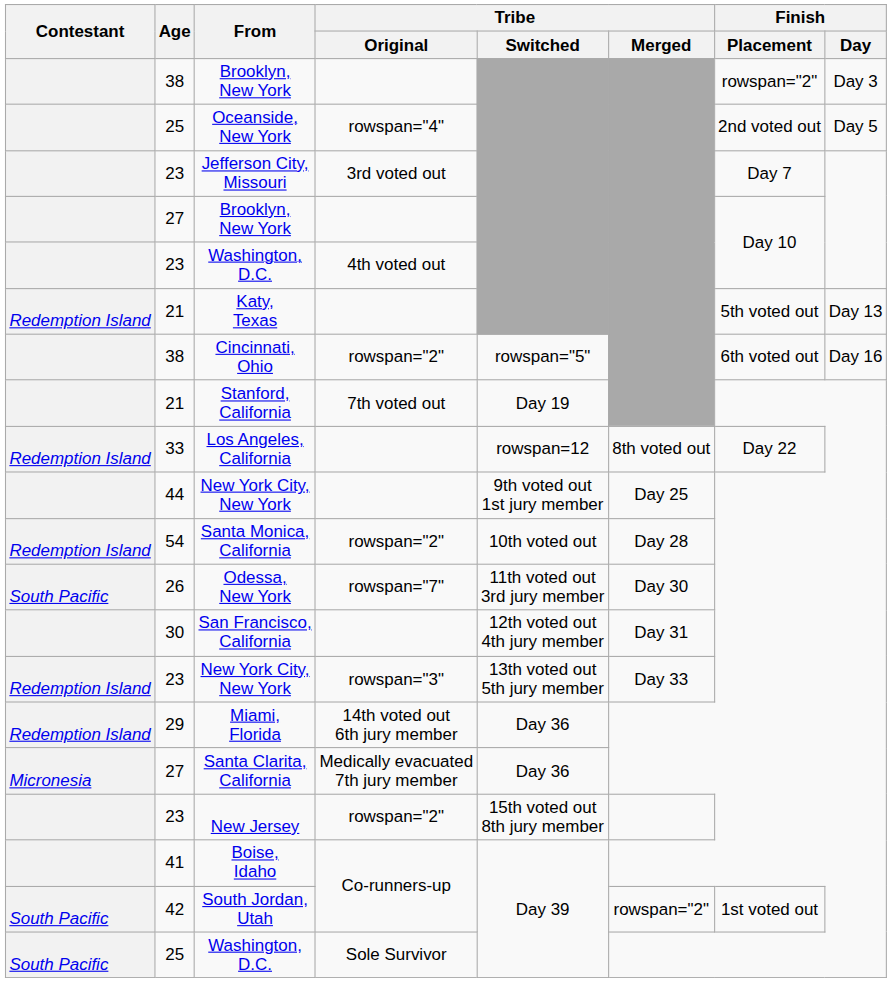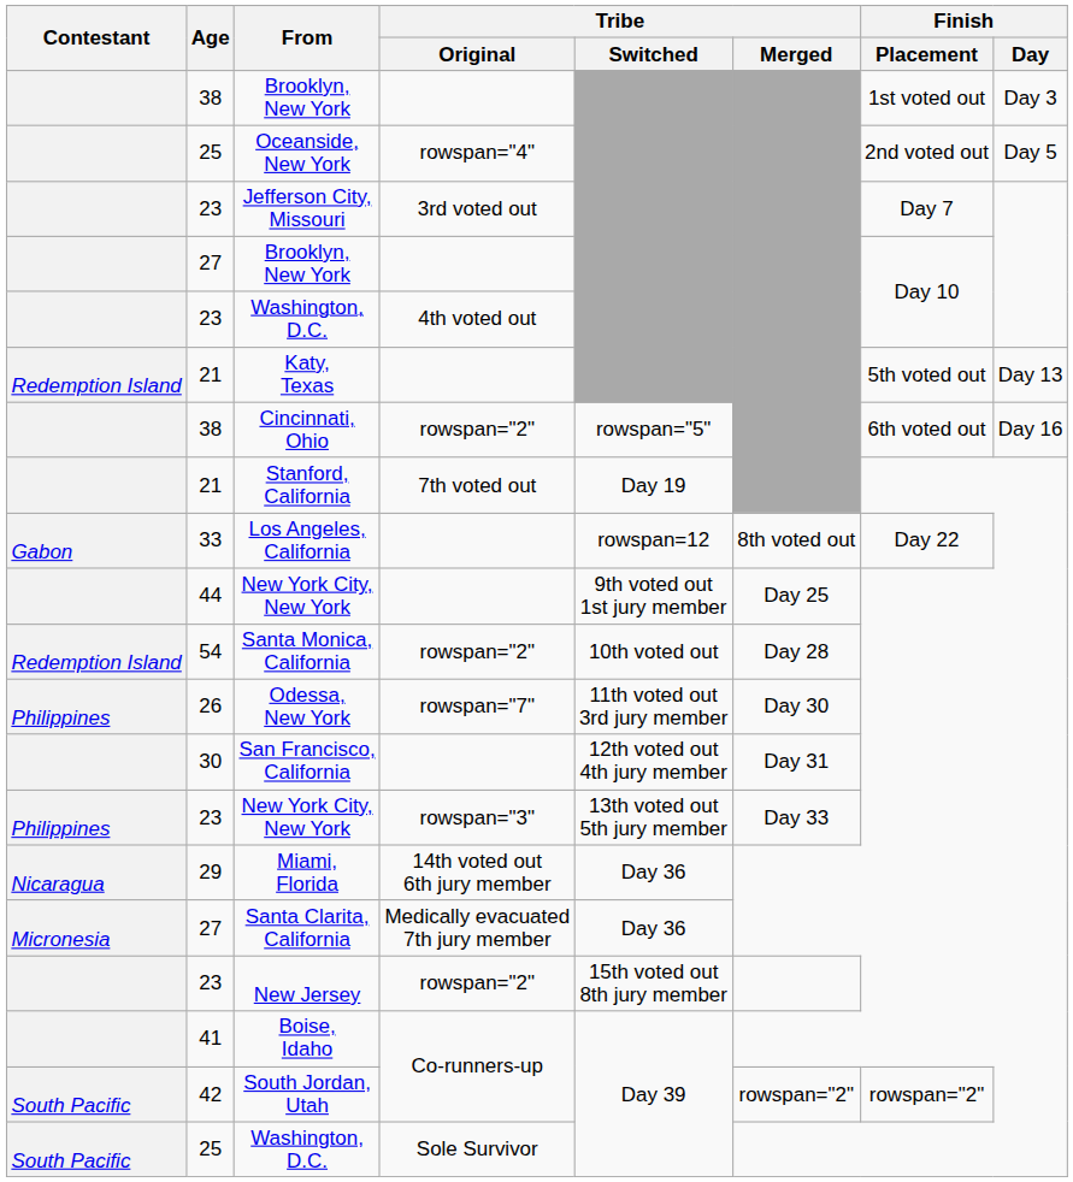 <table class="wikitable sortable" style="margin:auto; text-align:center">
 <tr>
 <th rowspan="2" scope="col">Contestant</th>
 <th rowspan="2" scope="col">Age</th>
 <th rowspan="2" scope="col" class=unsortable>From</th>
 <th colspan="3" scope="colgroup">Tribe</th>
 <th colspan="2" scope="colgroup">Finish</th>
 </tr>
 <tr>
 <th scope="col">Original</th>
 <th scope="col">Switched</th>
 <th scope="col" class=unsortable>Merged</th>
 <th scope="col" class=unsortable>Placement</th>
 <th scope="col" class=unsortable>Day</th>
 </tr>
 <tr>
 <th scope="row" style="text-align:left;font-weight:normal"><strong></strong><br><em><a href='#'></a></em></th>
 <td>38</td>
 <td><a href='#'>Brooklyn,<br>New York</a></td>
 <td></td>
 <td style="background:darkgrey;" rowspan="6"></td>
 <td style="background:darkgrey;" rowspan="8"></td>
-<td>rowspan="2" </td>
+<td>1st voted out</td>
 <td>Day 3</td>
 </tr>
 <tr>
 <th scope="row" style="text-align:left;font-weight:normal"><strong></strong></th>
 <td>25</td>
 <td><a href='#'>Oceanside,<br>New York</a></td>
 <td>rowspan="4" </td>
 <td>2nd voted out</td>
 <td>Day 5</td>
 </tr>
 <tr>
 <th scope="row" style="text-align:left;font-weight:normal"><strong></strong></th>
 <td>23</td>
 <td><a href='#'>Jefferson City,<br>Missouri</a></td>
 <td>3rd voted out</td>
 <td>Day 7</td>
 </tr>
 <tr>
 <th scope="row" style="text-align:left;font-weight:normal"><strong></strong></th>
 <td>27</td>
 <td><a href='#'>Brooklyn,<br>New York</a></td>
 <td></td>
 <td rowspan="2">Day 10</td>
 </tr>
 <tr>
 <th scope="row" style="text-align:left;font-weight:normal"><strong></strong></th>
 <td>23</td>
 <td><a href='#'>Washington,<br>D.C.</a></td>
 <td>4th voted out</td>
 </tr>
 <tr>
 <th scope="row" style="text-align:left;font-weight:normal"><strong></strong><br><em><a href='#'>Redemption Island</a></em></th>
 <td>21</td>
 <td><a href='#'>Katy,<br>Texas</a></td>
 <td></td>
 <td>5th voted out</td>
 <td>Day 13</td>
 </tr>
 <tr>
 <th scope="row" style="text-align:left;font-weight:normal"><strong></strong></th>
 <td>38</td>
 <td><a href='#'>Cincinnati,<br>Ohio</a></td>
 <td>rowspan="2" </td>
 <td>rowspan="5" </td>
 <td>6th voted out</td>
 <td>Day 16</td>
 </tr>
 <tr>
 <th scope="row" style="text-align:left;font-weight:normal"><strong></strong></th>
 <td>21</td>
 <td><a href='#'>Stanford,<br>California</a></td>
 <td>7th voted out</td>
 <td>Day 19</td>
 </tr>
 <tr>
-<th scope="row" style="text-align:left;font-weight:normal"><strong></strong><br><em><a href='#'>Redemption Island</a></em></th>
+<th scope="row" style="text-align:left;font-weight:normal"><strong></strong><br><em><a href='#'>Gabon</a></em></th>
 <td>33</td>
 <td><a href='#'>Los Angeles,<br> California</a></td>
 <td></td>
 <td>rowspan=12 </td>
 <td>8th voted out</td>
 <td>Day 22</td>
 </tr>
 <tr>
 <th scope="row" style="text-align:left;font-weight:normal"><strong></strong></th>
 <td>44</td>
 <td><a href='#'>New York City,<br>New York</a></td>
 <td></td>
 <td>9th voted out<br>1st jury member</td>
 <td>Day 25</td>
 </tr>
 <tr>
 <th scope="row" style="text-align:left;font-weight:normal"><strong></strong><br><em><a href='#'>Redemption Island</a></em></th>
 <td>54</td>
 <td><a href='#'>Santa Monica,<br>California</a></td>
 <td>rowspan="2" </td>
 <td>10th voted out<br></td>
 <td>Day 28</td>
 </tr>
 <tr>
-<th scope="row" style="text-align:left;font-weight:normal"><strong></strong><br><em><a href='#'>South Pacific</a></em></th>
+<th scope="row" style="text-align:left;font-weight:normal"><strong></strong><br><em><a href='#'>Philippines</a></em></th>
 <td>26</td>
 <td><a href='#'>Odessa,<br>New York</a></td>
 <td>rowspan="7" </td>
 <td>11th voted out<br>3rd jury member</td>
 <td>Day 30</td>
 </tr>
 <tr>
 <th scope="row" style="text-align:left;font-weight:normal"><strong></strong></th>
 <td>30</td>
 <td><a href='#'>San Francisco,<br>California</a></td>
 <td></td>
 <td>12th voted out<br>4th jury member</td>
 <td>Day 31</td>
 </tr>
 <tr>
-<th scope="row" style="text-align:left;font-weight:normal"><strong></strong><br><em><a href='#'>Redemption Island</a></em></th>
+<th scope="row" style="text-align:left;font-weight:normal"><strong></strong><br><em><a href='#'>Philippines</a></em></th>
 <td>23</td>
 <td><a href='#'>New York City,<br>New York</a></td>
 <td>rowspan="3" </td>
 <td>13th voted out<br>5th jury member</td>
 <td>Day 33</td>
 </tr>
 <tr>
-<th scope="row" style="text-align:left;font-weight:normal"><strong></strong><br><em><a href='#'>Redemption Island</a></em></th>
+<th scope="row" style="text-align:left;font-weight:normal"><strong></strong><br><em><a href='#'>Nicaragua</a></em></th>
 <td>29</td>
 <td><a href='#'>Miami,<br>Florida</a></td>
 <td>14th voted out<br>6th jury member</td>
 <td>Day 36</td>
 </tr>
 <tr>
 <th scope="row" style="text-align:left;font-weight:normal"><br><em><a href='#'>Micronesia</a></em></th>
 <td>27</td>
 <td><a href='#'>Santa Clarita,<br>California</a></td>
 <td>Medically evacuated<br>7th jury member</td>
 <td>Day 36</td>
 </tr>
 <tr>
 <th scope="row" style="text-align:left;font-weight:normal"><strong></strong></th>
 <td>23</td>
 <td><a href='#'><br>New Jersey</a></td>
 <td>rowspan="2" </td>
 <td>15th voted out<br>8th jury member</td>
 <td></td>
 </tr>
 <tr>
 <th scope="row" style="text-align:left;font-weight:normal"><strong></strong></th>
 <td>41</td>
 <td><a href='#'>Boise,<br>Idaho</a></td>
 <td rowspan="2">Co-runners-up</td>
 <td rowspan="3">Day 39</td>
 </tr>
 <tr>
 <th scope="row" style="text-align:left;font-weight:normal"><strong></strong><br><em><a href='#'>South Pacific</a></em></th>
 <td>42</td>
 <td><a href='#'>South Jordan,<br>Utah</a></td>
 <td>rowspan="2" </td>
-<td>1st voted out</td>
+<td>rowspan="2" </td>
 </tr>
 <tr>
 <th scope="row" style="text-align:left;font-weight:normal"><strong></strong><br><em><a href='#'>South Pacific</a></em></th>
 <td>25</td>
 <td><a href='#'>Washington,<br>D.C.</a></td>
 <td>Sole Survivor</td>
 </tr>
 </table>
